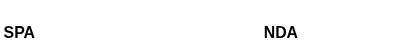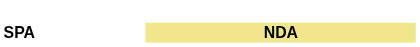 <table style="width:60%; text-align:center;">
 <tr style="color:white;">
 <td style="background:"><strong>159</strong></td>
 <td style="background:"><strong>75</strong></td>
 </tr>
 <tr>
 <td><span><strong>SPA</strong></span></td>
-<td><span><strong>NDA</strong></span></td>
+<td style="background: khaki;"><span><strong>NDA</strong></span></td>
 </tr>
 </table>
